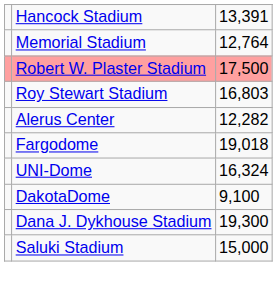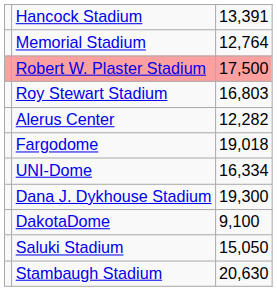 <table class="wikitable sortable">
 <tr>
 </tr>
 <tr>
 <td style="text-align:center; "><a href='#'></a></td>
 <td><a href='#'>Hancock Stadium</a></td>
 <td>13,391</td>
 </tr>
 <tr>
 <td style="text-align:center; "><a href='#'></a></td>
 <td><a href='#'>Memorial Stadium</a></td>
 <td>12,764</td>
 </tr>
 <tr bgcolor=#ffa0a0>
 <td style="text-align:center; "><a href='#'></a></td>
 <td><a href='#'>Robert W. Plaster Stadium</a></td>
 <td>17,500</td>
 </tr>
 <tr>
 <td style="text-align:center; "><a href='#'></a></td>
 <td><a href='#'>Roy Stewart Stadium</a></td>
 <td>16,803</td>
 </tr>
 <tr>
 <td style="text-align:center; "><a href='#'></a></td>
 <td><a href='#'>Alerus Center</a></td>
 <td>12,282</td>
 </tr>
 <tr>
 <td style="text-align:center; "><a href='#'></a></td>
 <td><a href='#'>Fargodome</a></td>
 <td>19,018</td>
 </tr>
 <tr>
 <td style="text-align:center; "><a href='#'></a></td>
 <td><a href='#'>UNI-Dome</a></td>
-<td>16,324</td>
+<td>16,334</td>
+</tr>
+<tr>
+<td style="text-align:center; "><a href='#'></a></td>
+<td><a href='#'>Dana J. Dykhouse Stadium</a></td>
+<td>19,300</td>
 </tr>
 <tr>
 <td style="text-align:center; "><a href='#'></a></td>
 <td><a href='#'>DakotaDome</a></td>
 <td>9,100</td>
 </tr>
 <tr>
 <td style="text-align:center; "><a href='#'></a></td>
-<td><a href='#'>Dana J. Dykhouse Stadium</a></td>
-<td>19,300</td>
+<td><a href='#'>Saluki Stadium</a></td>
+<td>15,050</td>
 </tr>
 <tr>
 <td style="text-align:center; "><a href='#'></a></td>
-<td><a href='#'>Saluki Stadium</a></td>
-<td>15,000</td>
+<td><a href='#'>Stambaugh Stadium</a></td>
+<td>20,630</td>
 </tr>
 </table>
